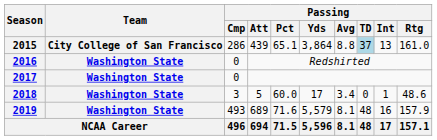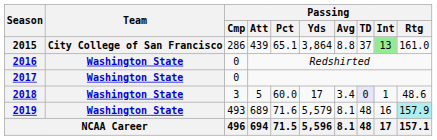 <table class="wikitable" style="text-align: center;">
 <tr>
 <th rowspan="2">Season</th>
 <th rowspan="2">Team</th>
 <th colspan="8">Passing</th>
 </tr>
 <tr>
 <th>Cmp</th>
 <th>Att</th>
 <th>Pct</th>
 <th>Yds</th>
 <th>Avg</th>
 <th>TD</th>
 <th>Int</th>
 <th>Rtg</th>
 </tr>
 <tr>
 <th>2015</th>
 <th>City College of San Francisco</th>
 <td>286</td>
 <td>439</td>
 <td>65.1</td>
 <td>3,864</td>
 <td>8.8</td>
-<td style="background: lightblue;">37</td>
-<td>13</td>
+<td>37</td>
+<td style="background: lightgreen;">13</td>
 <td>161.0</td>
 </tr>
 <tr>
 <th><a href='#'>2016</a></th>
 <th><a href='#'>Washington State</a></th>
 <td>0</td>
 <td colspan="8"><em>Redshirted</em></td>
 </tr>
 <tr>
 <th><a href='#'>2017</a></th>
 <th><a href='#'>Washington State</a></th>
 <td>0</td>
 <td colspan="8"></td>
 </tr>
 <tr>
 <th><a href='#'>2018</a></th>
 <th><a href='#'>Washington State</a></th>
 <td>3</td>
 <td>5</td>
 <td>60.0</td>
 <td>17</td>
 <td>3.4</td>
-<td>0</td>
+<td style="background: lavender;">0</td>
 <td>1</td>
 <td>48.6</td>
 </tr>
 <tr>
 <th><a href='#'>2019</a></th>
 <th><a href='#'>Washington State</a></th>
 <td>493</td>
 <td>689</td>
 <td>71.6</td>
 <td>5,579</td>
 <td>8.1</td>
 <td>48</td>
 <td>16</td>
-<td>157.9</td>
+<td style="background: paleturquoise;">157.9</td>
 </tr>
 <tr>
 <th colspan="2">NCAA Career</th>
 <th>496</th>
 <th>694</th>
 <th>71.5</th>
 <th>5,596</th>
 <th>8.1</th>
 <th>48</th>
 <th>17</th>
 <th>157.1</th>
 </tr>
 </table>
